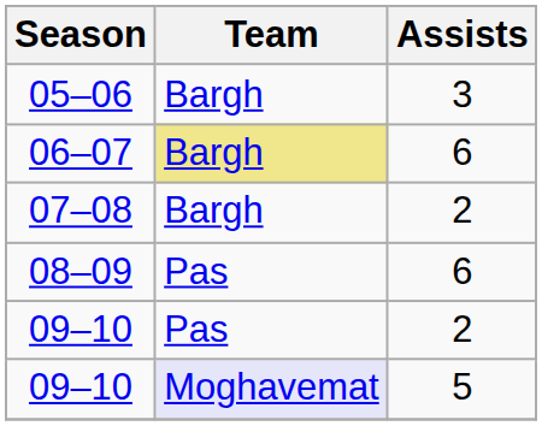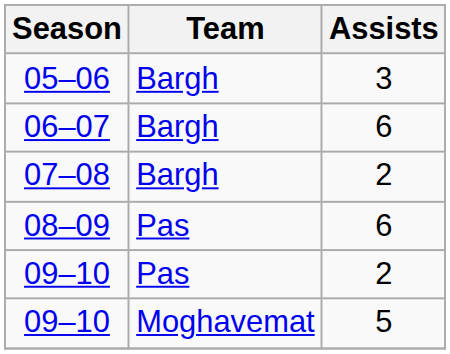 <table class="wikitable" style="text-align: center;">
 <tr>
 <th>Season</th>
 <th>Team</th>
 <th>Assists</th>
 </tr>
 <tr>
 <td><a href='#'>05–06</a></td>
 <td align="left"><a href='#'>Bargh</a></td>
 <td>3</td>
 </tr>
 <tr>
 <td><a href='#'>06–07</a></td>
-<td align="left" style="background: khaki;"><a href='#'>Bargh</a></td>
+<td align="left"><a href='#'>Bargh</a></td>
 <td>6</td>
 </tr>
 <tr>
 <td><a href='#'>07–08</a></td>
 <td align="left"><a href='#'>Bargh</a></td>
 <td>2</td>
 </tr>
 <tr>
 <td><a href='#'>08–09</a></td>
 <td align="left"><a href='#'>Pas</a></td>
 <td>6</td>
 </tr>
 <tr>
 <td><a href='#'>09–10</a></td>
 <td align="left"><a href='#'>Pas</a></td>
 <td>2</td>
 </tr>
 <tr>
 <td><a href='#'>09–10</a></td>
-<td align="left" style="background: lavender;"><a href='#'>Moghavemat</a></td>
+<td align="left"><a href='#'>Moghavemat</a></td>
 <td>5</td>
 </tr>
 <tr>
 </tr>
 </table>
